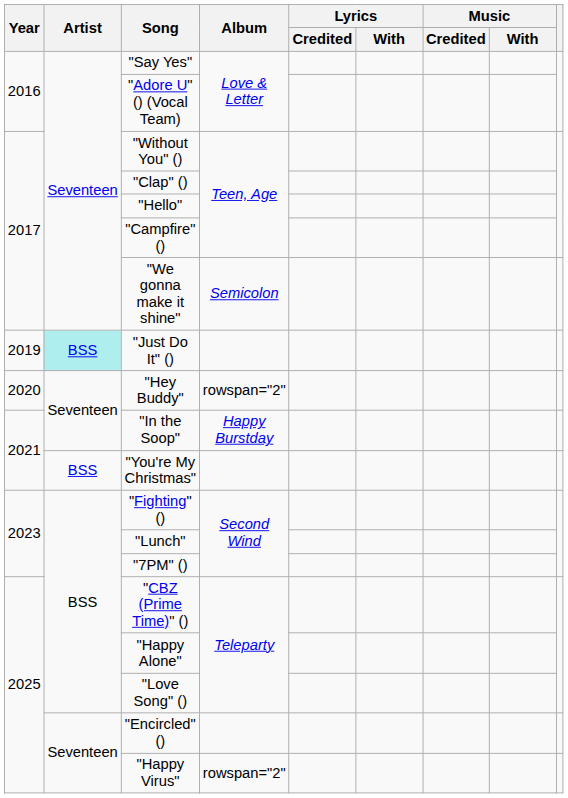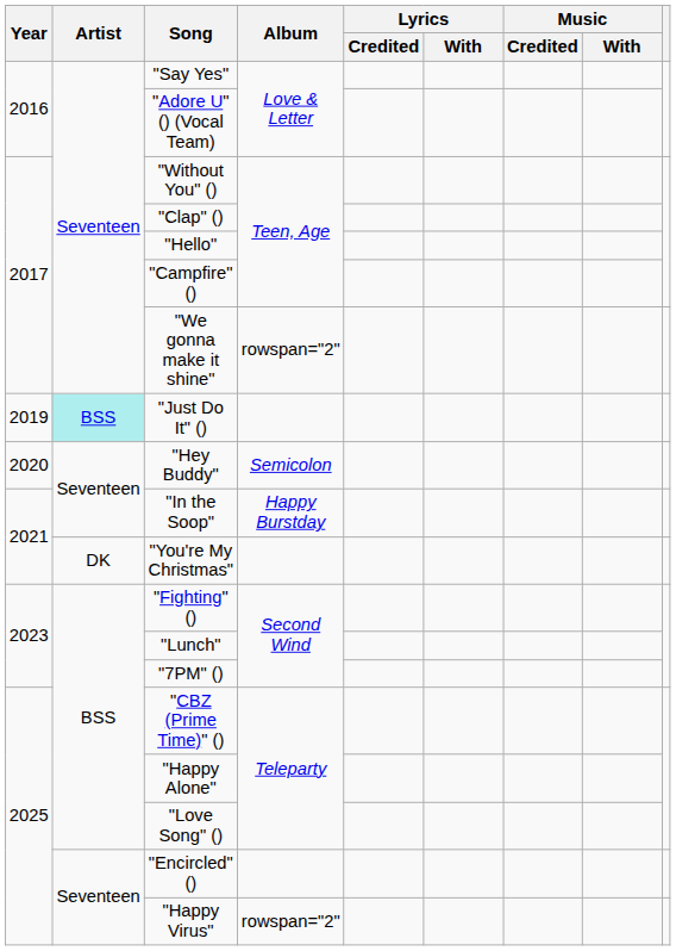 <table class="wikitable plainrowheaders sortable" style="text-align:center; width;100%">
 <tr>
 <th rowspan="2">Year</th>
 <th rowspan="2">Artist</th>
 <th rowspan="2">Song</th>
 <th rowspan="2">Album</th>
 <th colspan="2">Lyrics</th>
 <th colspan="2">Music</th>
 <th rowspan="2" class="unsortable"></th>
 </tr>
 <tr>
 <th style="width:3em;">Credited</th>
 <th style="width:9em;">With</th>
 <th style="width:3em;">Credited</th>
 <th style="width:9em;">With</th>
 </tr>
 <tr>
 <td rowspan="2">2016</td>
 <td rowspan="7"><a href='#'>Seventeen</a></td>
 <td>"Say Yes"</td>
 <td rowspan="2"><em><a href='#'>Love & Letter</a></em></td>
 <td></td>
 <td></td>
 <td></td>
 <td></td>
 <td rowspan="2" align="center"></td>
 </tr>
 <tr>
 <td>"<a href='#'>Adore U</a>" () (Vocal Team)</td>
 <td></td>
 <td></td>
 <td></td>
 <td></td>
 </tr>
 <tr>
 <td rowspan="5">2017</td>
 <td>"Without You" ()</td>
 <td rowspan="4"><em><a href='#'>Teen, Age</a></em></td>
 <td></td>
 <td></td>
 <td></td>
 <td></td>
 <td rowspan="4" align="center"></td>
 </tr>
 <tr>
 <td>"Clap" ()</td>
 <td></td>
 <td></td>
 <td></td>
 <td></td>
 </tr>
 <tr>
 <td>"Hello"</td>
 <td></td>
 <td></td>
 <td></td>
 <td></td>
 </tr>
 <tr>
 <td>"Campfire" ()</td>
 <td></td>
 <td></td>
 <td></td>
 <td></td>
 </tr>
 <tr>
 <td>"We gonna make it shine"</td>
-<td><em><a href='#'>Semicolon</a></em></td>
+<td>rowspan="2" </td>
 <td></td>
 <td></td>
 <td></td>
 <td></td>
 <td align="center"></td>
 </tr>
 <tr>
 <td>2019</td>
 <td style="background: paleturquoise;"><a href='#'>BSS</a></td>
 <td>"Just Do It" ()</td>
 <td></td>
 <td></td>
 <td></td>
 <td></td>
 <td align="center"></td>
 </tr>
 <tr>
 <td>2020</td>
 <td rowspan="2">Seventeen</td>
 <td>"Hey Buddy"</td>
-<td>rowspan="2" </td>
+<td><em><a href='#'>Semicolon</a></em></td>
 <td></td>
 <td></td>
 <td></td>
 <td></td>
 <td align="center"></td>
 </tr>
 <tr>
 <td rowspan="2">2021</td>
 <td>"In the Soop"</td>
 <td><em><a href='#'>Happy Burstday</a></em></td>
 <td></td>
 <td></td>
 <td></td>
 <td></td>
 <td></td>
 </tr>
 <tr>
-<td><a href='#'>BSS</a></td>
+<td>DK</td>
 <td>"You're My Christmas"</td>
 <td></td>
 <td></td>
 <td></td>
 <td></td>
 <td align="center"></td>
 </tr>
 <tr>
 <td rowspan="3">2023</td>
 <td rowspan="6">BSS</td>
 <td>"<a href='#'>Fighting</a>" ()<br></td>
 <td rowspan="3"><em><a href='#'>Second Wind</a></em></td>
 <td></td>
 <td></td>
 <td></td>
 <td></td>
 <td rowspan="3" align="center"></td>
 </tr>
 <tr>
 <td>"Lunch"</td>
 <td></td>
 <td></td>
 <td></td>
 <td></td>
 </tr>
 <tr>
 <td>"7PM" () <br></td>
 <td></td>
 <td></td>
 <td></td>
 <td></td>
 </tr>
 <tr>
 <td rowspan="5">2025</td>
 <td>"<a href='#'>CBZ (Prime Time)</a>" ()</td>
 <td rowspan="3"><em><a href='#'>Teleparty</a></em></td>
 <td></td>
 <td></td>
 <td></td>
 <td></td>
 <td rowspan="3" align="center"></td>
 </tr>
 <tr>
 <td>"Happy Alone"</td>
 <td></td>
 <td></td>
 <td></td>
 <td></td>
 </tr>
 <tr>
 <td>"Love Song" ()</td>
 <td></td>
 <td></td>
 <td></td>
 <td></td>
 </tr>
 <tr>
 <td rowspan="2">Seventeen</td>
 <td>"Encircled" ()</td>
 <td></td>
 <td></td>
 <td></td>
 <td></td>
 <td></td>
 <td></td>
 </tr>
 <tr>
 <td>"Happy Virus"</td>
 <td>rowspan="2" </td>
 <td></td>
 <td></td>
 <td></td>
 <td></td>
 <td></td>
 </tr>
 </table>
